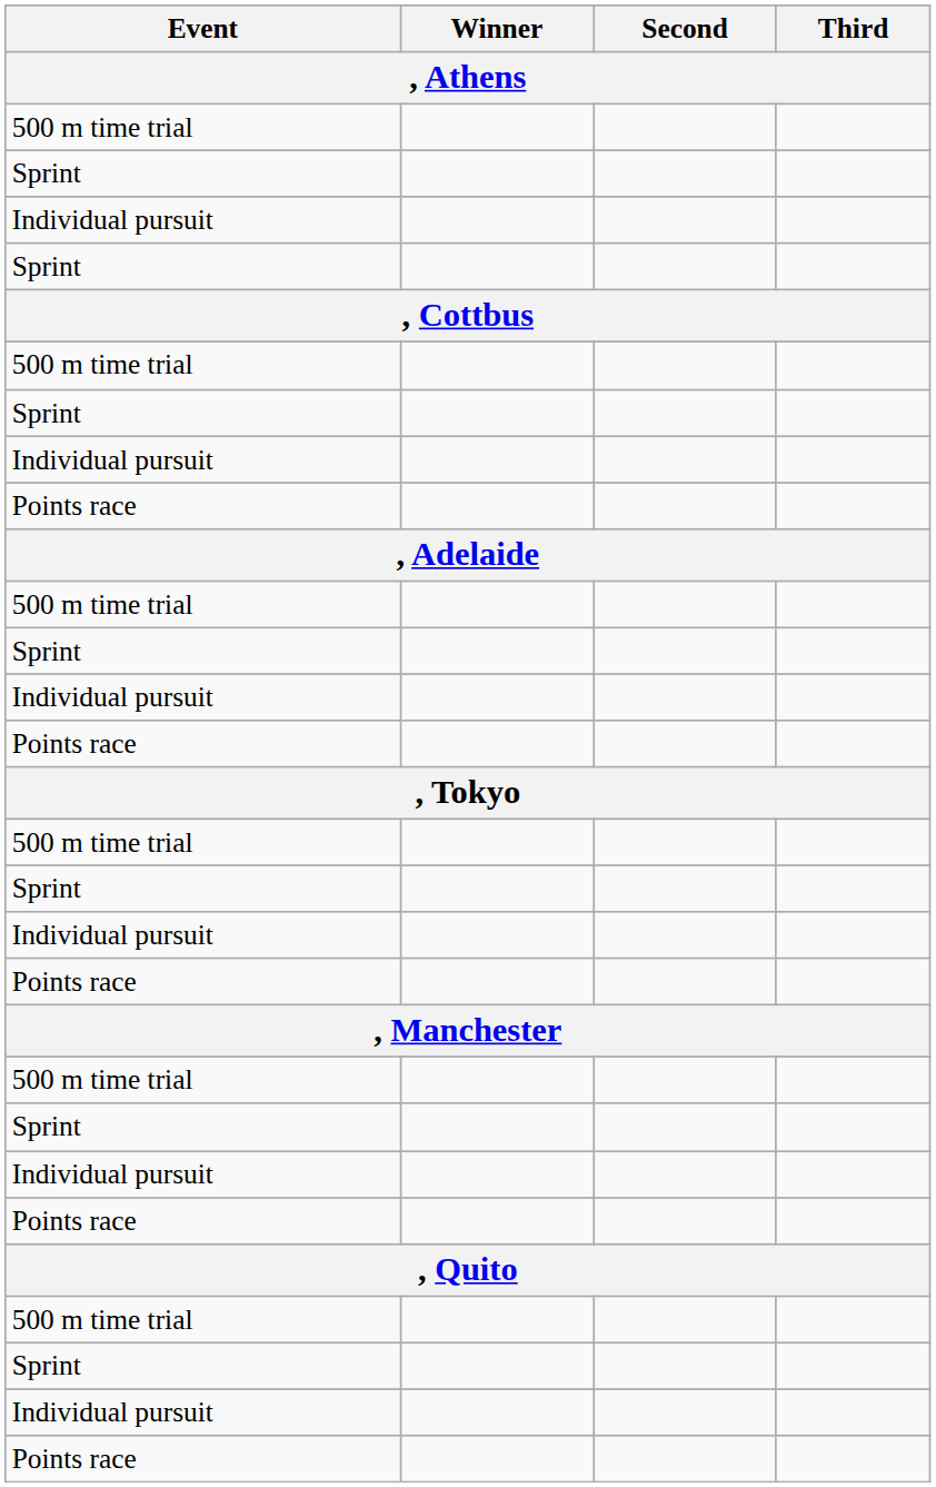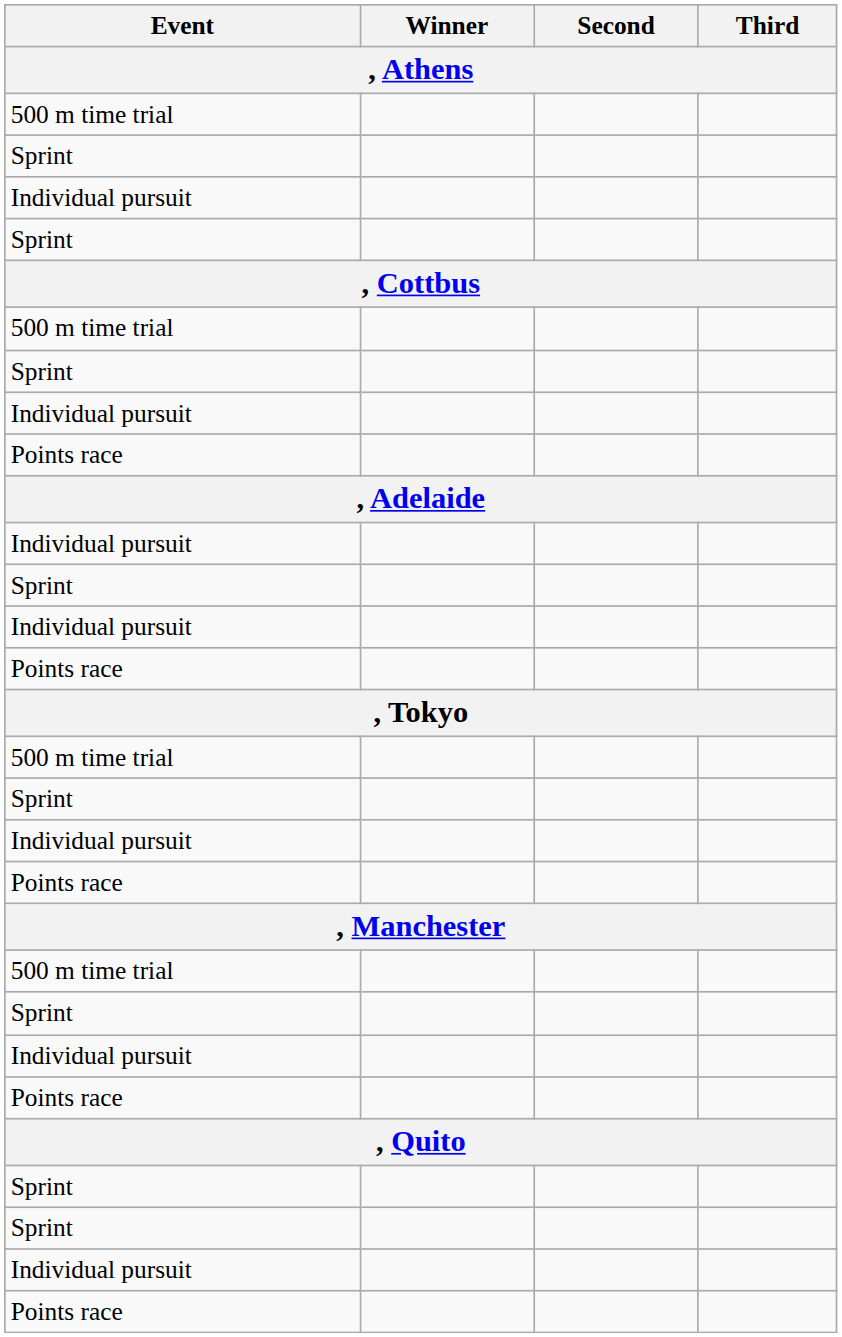 <table class=wikitable style="font-size:95%" width="80%">
 <tr>
 <th>Event</th>
 <th>Winner</th>
 <th>Second</th>
 <th>Third</th>
 </tr>
 <tr>
 <th colspan=4><big>, <a href='#'>Athens</a></big></th>
 </tr>
 <tr>
 <td>500 m time trial</td>
 <td></td>
 <td></td>
 <td></td>
 </tr>
 <tr>
 <td>Sprint</td>
 <td></td>
 <td></td>
 <td></td>
 </tr>
 <tr>
 <td>Individual pursuit</td>
 <td></td>
 <td></td>
 <td></td>
 </tr>
 <tr>
 <td>Sprint</td>
 <td></td>
 <td></td>
 <td></td>
 </tr>
 <tr>
 <th colspan=4><big>, <a href='#'>Cottbus</a></big></th>
 </tr>
 <tr>
 <td>500 m time trial</td>
 <td></td>
 <td></td>
 <td></td>
 </tr>
 <tr>
 <td>Sprint</td>
 <td></td>
 <td></td>
 <td></td>
 </tr>
 <tr>
 <td>Individual pursuit</td>
 <td></td>
 <td></td>
 <td></td>
 </tr>
 <tr>
 <td>Points race</td>
 <td></td>
 <td></td>
 <td></td>
 </tr>
 <tr>
 <th colspan=4><big>, <a href='#'>Adelaide</a></big></th>
 </tr>
 <tr>
-<td>500 m time trial</td>
+<td>Individual pursuit</td>
 <td></td>
 <td></td>
 <td></td>
 </tr>
 <tr>
 <td>Sprint</td>
 <td></td>
 <td></td>
 <td></td>
 </tr>
 <tr>
 <td>Individual pursuit</td>
 <td></td>
 <td></td>
 <td></td>
 </tr>
 <tr>
 <td>Points race</td>
 <td></td>
 <td></td>
 <td></td>
 </tr>
 <tr>
 <th colspan=4><big>, Tokyo</big></th>
 </tr>
 <tr>
 <td>500 m time trial</td>
 <td></td>
 <td></td>
 <td></td>
 </tr>
 <tr>
 <td>Sprint</td>
 <td></td>
 <td></td>
 <td></td>
 </tr>
 <tr>
 <td>Individual pursuit</td>
 <td></td>
 <td></td>
 <td></td>
 </tr>
 <tr>
 <td>Points race</td>
 <td></td>
 <td></td>
 <td></td>
 </tr>
 <tr>
 <th colspan=4><big>, <a href='#'>Manchester</a></big></th>
 </tr>
 <tr>
 <td>500 m time trial</td>
 <td></td>
 <td></td>
 <td></td>
 </tr>
 <tr>
 <td>Sprint</td>
 <td></td>
 <td></td>
 <td></td>
 </tr>
 <tr>
 <td>Individual pursuit</td>
 <td></td>
 <td></td>
 <td></td>
 </tr>
 <tr>
 <td>Points race</td>
 <td></td>
 <td></td>
 <td></td>
 </tr>
 <tr>
 <th colspan=4><big>, <a href='#'>Quito</a></big></th>
 </tr>
 <tr>
-<td>500 m time trial</td>
+<td>Sprint</td>
 <td></td>
 <td></td>
 <td></td>
 </tr>
 <tr>
 <td>Sprint</td>
 <td></td>
 <td></td>
 <td></td>
 </tr>
 <tr>
 <td>Individual pursuit</td>
 <td></td>
 <td></td>
 <td></td>
 </tr>
 <tr>
 <td>Points race</td>
 <td></td>
 <td></td>
 <td></td>
 </tr>
 </table>
